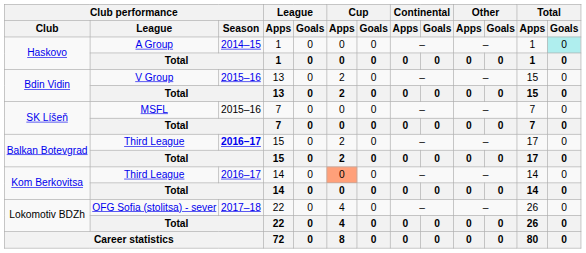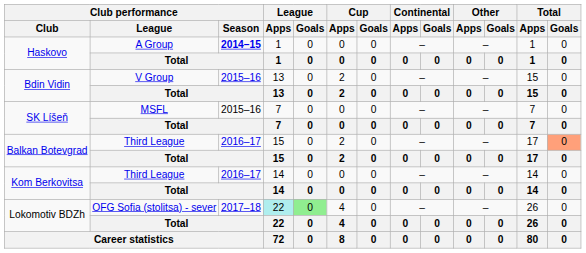 <table class="wikitable" style="text-align: center">
 <tr>
 <th Colspan="3">Club performance</th>
 <th Colspan="2">League</th>
 <th Colspan="2">Cup</th>
 <th Colspan="2">Continental</th>
 <th Colspan="2">Other</th>
 <th Colspan="3">Total</th>
 </tr>
 <tr>
 <th>Club</th>
 <th>League</th>
 <th>Season</th>
 <th>Apps</th>
 <th>Goals</th>
 <th>Apps</th>
 <th>Goals</th>
 <th>Apps</th>
 <th>Goals</th>
 <th>Apps</th>
 <th>Goals</th>
 <th>Apps</th>
 <th>Goals</th>
 </tr>
 <tr>
 <td rowspan="2" valign="center"><a href='#'>Haskovo</a></td>
 <td rowspan="1"><a href='#'>A Group</a></td>
-<td><a href='#'>2014–15</a></td>
+<td><strong><a href='#'>2014–15</a></strong></td>
 <td>1</td>
 <td>0</td>
 <td>0</td>
 <td>0</td>
 <td colspan="2">–</td>
 <td colspan="2">–</td>
 <td>1</td>
-<td style="background: paleturquoise;">0</td>
+<td>0</td>
 </tr>
 <tr>
 <th colspan=2>Total</th>
 <th>1</th>
 <th>0</th>
 <th>0</th>
 <th>0</th>
 <th>0</th>
 <th>0</th>
 <th>0</th>
 <th>0</th>
 <th>1</th>
 <th>0</th>
 </tr>
 <tr>
 <td rowspan="2" valign="center"><a href='#'>Bdin Vidin</a></td>
 <td rowspan="1"><a href='#'>V Group</a></td>
 <td><a href='#'>2015–16</a></td>
 <td>13</td>
 <td>0</td>
 <td>2</td>
 <td>0</td>
 <td colspan="2">–</td>
 <td colspan="2">–</td>
 <td>15</td>
 <td>0</td>
 </tr>
 <tr>
 <th colspan=2>Total</th>
 <th>13</th>
 <th>0</th>
 <th>2</th>
 <th>0</th>
 <th>0</th>
 <th>0</th>
 <th>0</th>
 <th>0</th>
 <th>15</th>
 <th>0</th>
 </tr>
 <tr>
 <td rowspan="2" valign="center"><a href='#'>SK Líšeň</a></td>
 <td rowspan="1"><a href='#'>MSFL</a></td>
 <td>2015–16</td>
 <td>7</td>
 <td>0</td>
 <td>0</td>
 <td>0</td>
 <td colspan="2">–</td>
 <td colspan="2">–</td>
 <td>7</td>
 <td>0</td>
 </tr>
 <tr>
 <th colspan=2>Total</th>
 <th>7</th>
 <th>0</th>
 <th>0</th>
 <th>0</th>
 <th>0</th>
 <th>0</th>
 <th>0</th>
 <th>0</th>
 <th>7</th>
 <th>0</th>
 </tr>
 <tr>
 <td rowspan="2" valign="center"><a href='#'>Balkan Botevgrad</a></td>
 <td rowspan="1"><a href='#'>Third League</a></td>
-<td><strong><a href='#'>2016–17</a></strong></td>
+<td><a href='#'>2016–17</a></td>
 <td>15</td>
 <td>0</td>
 <td>2</td>
 <td>0</td>
 <td colspan="2">–</td>
 <td colspan="2">–</td>
 <td>17</td>
-<td>0</td>
+<td style="background: lightsalmon;">0</td>
 </tr>
 <tr>
 <th colspan=2>Total</th>
 <th>15</th>
 <th>0</th>
 <th>2</th>
 <th>0</th>
 <th>0</th>
 <th>0</th>
 <th>0</th>
 <th>0</th>
 <th>17</th>
 <th>0</th>
 </tr>
 <tr>
 <td rowspan="2" valign="center"><a href='#'>Kom Berkovitsa</a></td>
 <td rowspan="1"><a href='#'>Third League</a></td>
 <td><a href='#'>2016–17</a></td>
 <td>14</td>
 <td>0</td>
-<td style="background: lightsalmon;">0</td>
+<td>0</td>
 <td>0</td>
 <td colspan="2">–</td>
 <td colspan="2">–</td>
 <td>14</td>
 <td>0</td>
 </tr>
 <tr>
 <th colspan=2>Total</th>
 <th>14</th>
 <th>0</th>
 <th>0</th>
 <th>0</th>
 <th>0</th>
 <th>0</th>
 <th>0</th>
 <th>0</th>
 <th>14</th>
 <th>0</th>
 </tr>
 <tr>
 <td rowspan="2" valign="center">Lokomotiv BDZh</td>
 <td rowspan="1"><a href='#'>OFG Sofia (stolitsa) - sever</a></td>
 <td><a href='#'>2017–18</a></td>
-<td>22</td>
-<td>0</td>
+<td style="background: paleturquoise;">22</td>
+<td style="background: lightgreen;">0</td>
 <td>4</td>
 <td>0</td>
 <td colspan="2">–</td>
 <td colspan="2">–</td>
 <td>26</td>
 <td>0</td>
 </tr>
 <tr>
 <th colspan=2>Total</th>
 <th>22</th>
 <th>0</th>
 <th>4</th>
 <th>0</th>
 <th>0</th>
 <th>0</th>
 <th>0</th>
 <th>0</th>
 <th>26</th>
 <th>0</th>
 </tr>
 <tr>
 <th colspan="3">Career statistics</th>
 <th>72</th>
 <th>0</th>
 <th>8</th>
 <th>0</th>
 <th>0</th>
 <th>0</th>
 <th>0</th>
 <th>0</th>
 <th>80</th>
 <th>0</th>
 </tr>
 </table>
